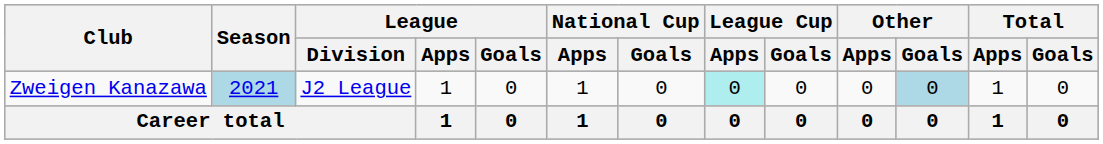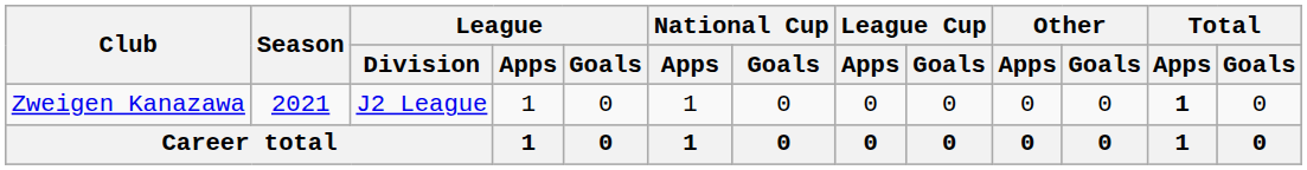 <table class="wikitable" style="text-align: center">
 <tr>
 <th rowspan="2">Club</th>
 <th rowspan="2">Season</th>
 <th colspan="3">League</th>
 <th colspan="2">National Cup</th>
 <th colspan="2">League Cup</th>
 <th colspan="2">Other</th>
 <th colspan="2">Total</th>
 </tr>
 <tr>
 <th>Division</th>
 <th>Apps</th>
 <th>Goals</th>
 <th>Apps</th>
 <th>Goals</th>
 <th>Apps</th>
 <th>Goals</th>
 <th>Apps</th>
 <th>Goals</th>
 <th>Apps</th>
 <th>Goals</th>
 </tr>
 <tr>
 <td><a href='#'>Zweigen Kanazawa</a></td>
-<td style="background: lightblue;"><a href='#'>2021</a></td>
+<td><a href='#'>2021</a></td>
 <td><a href='#'>J2 League</a></td>
 <td>1</td>
 <td>0</td>
 <td>1</td>
 <td>0</td>
-<td style="background: paleturquoise;">0</td>
 <td>0</td>
 <td>0</td>
-<td style="background: lightblue;">0</td>
-<td>1</td>
+<td>0</td>
+<td>0</td>
+<td><strong>1</strong></td>
 <td>0</td>
 </tr>
 <tr>
 <th colspan=3>Career total</th>
 <th>1</th>
 <th>0</th>
 <th>1</th>
 <th>0</th>
 <th>0</th>
 <th>0</th>
 <th>0</th>
 <th>0</th>
 <th>1</th>
 <th>0</th>
 </tr>
 </table>
